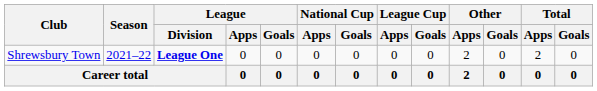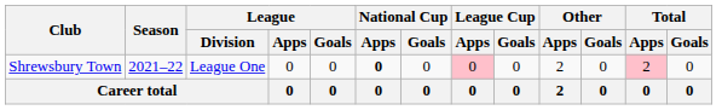 <table class="wikitable" style="text-align: center">
 <tr>
 <th rowspan="2">Club</th>
 <th rowspan="2">Season</th>
 <th colspan="3">League</th>
 <th colspan="2">National Cup</th>
 <th colspan="2">League Cup</th>
 <th colspan="2">Other</th>
 <th colspan="2">Total</th>
 </tr>
 <tr>
 <th>Division</th>
 <th>Apps</th>
 <th>Goals</th>
 <th>Apps</th>
 <th>Goals</th>
 <th>Apps</th>
 <th>Goals</th>
 <th>Apps</th>
 <th>Goals</th>
 <th>Apps</th>
 <th>Goals</th>
 </tr>
 <tr>
 <td><a href='#'>Shrewsbury Town</a></td>
 <td><a href='#'>2021–22</a></td>
-<td><strong><a href='#'>League One</a></strong></td>
+<td><a href='#'>League One</a></td>
 <td>0</td>
 <td>0</td>
+<td><strong>0</strong></td>
 <td>0</td>
-<td>0</td>
-<td>0</td>
+<td style="background: pink;">0</td>
 <td>0</td>
 <td>2</td>
 <td>0</td>
-<td>2</td>
+<td style="background: pink;">2</td>
 <td>0</td>
 </tr>
 <tr>
 <th colspan="3">Career total</th>
 <th>0</th>
 <th>0</th>
 <th>0</th>
 <th>0</th>
 <th>0</th>
 <th>0</th>
 <th>2</th>
 <th>0</th>
 <th>0</th>
 <th>0</th>
 </tr>
 </table>
